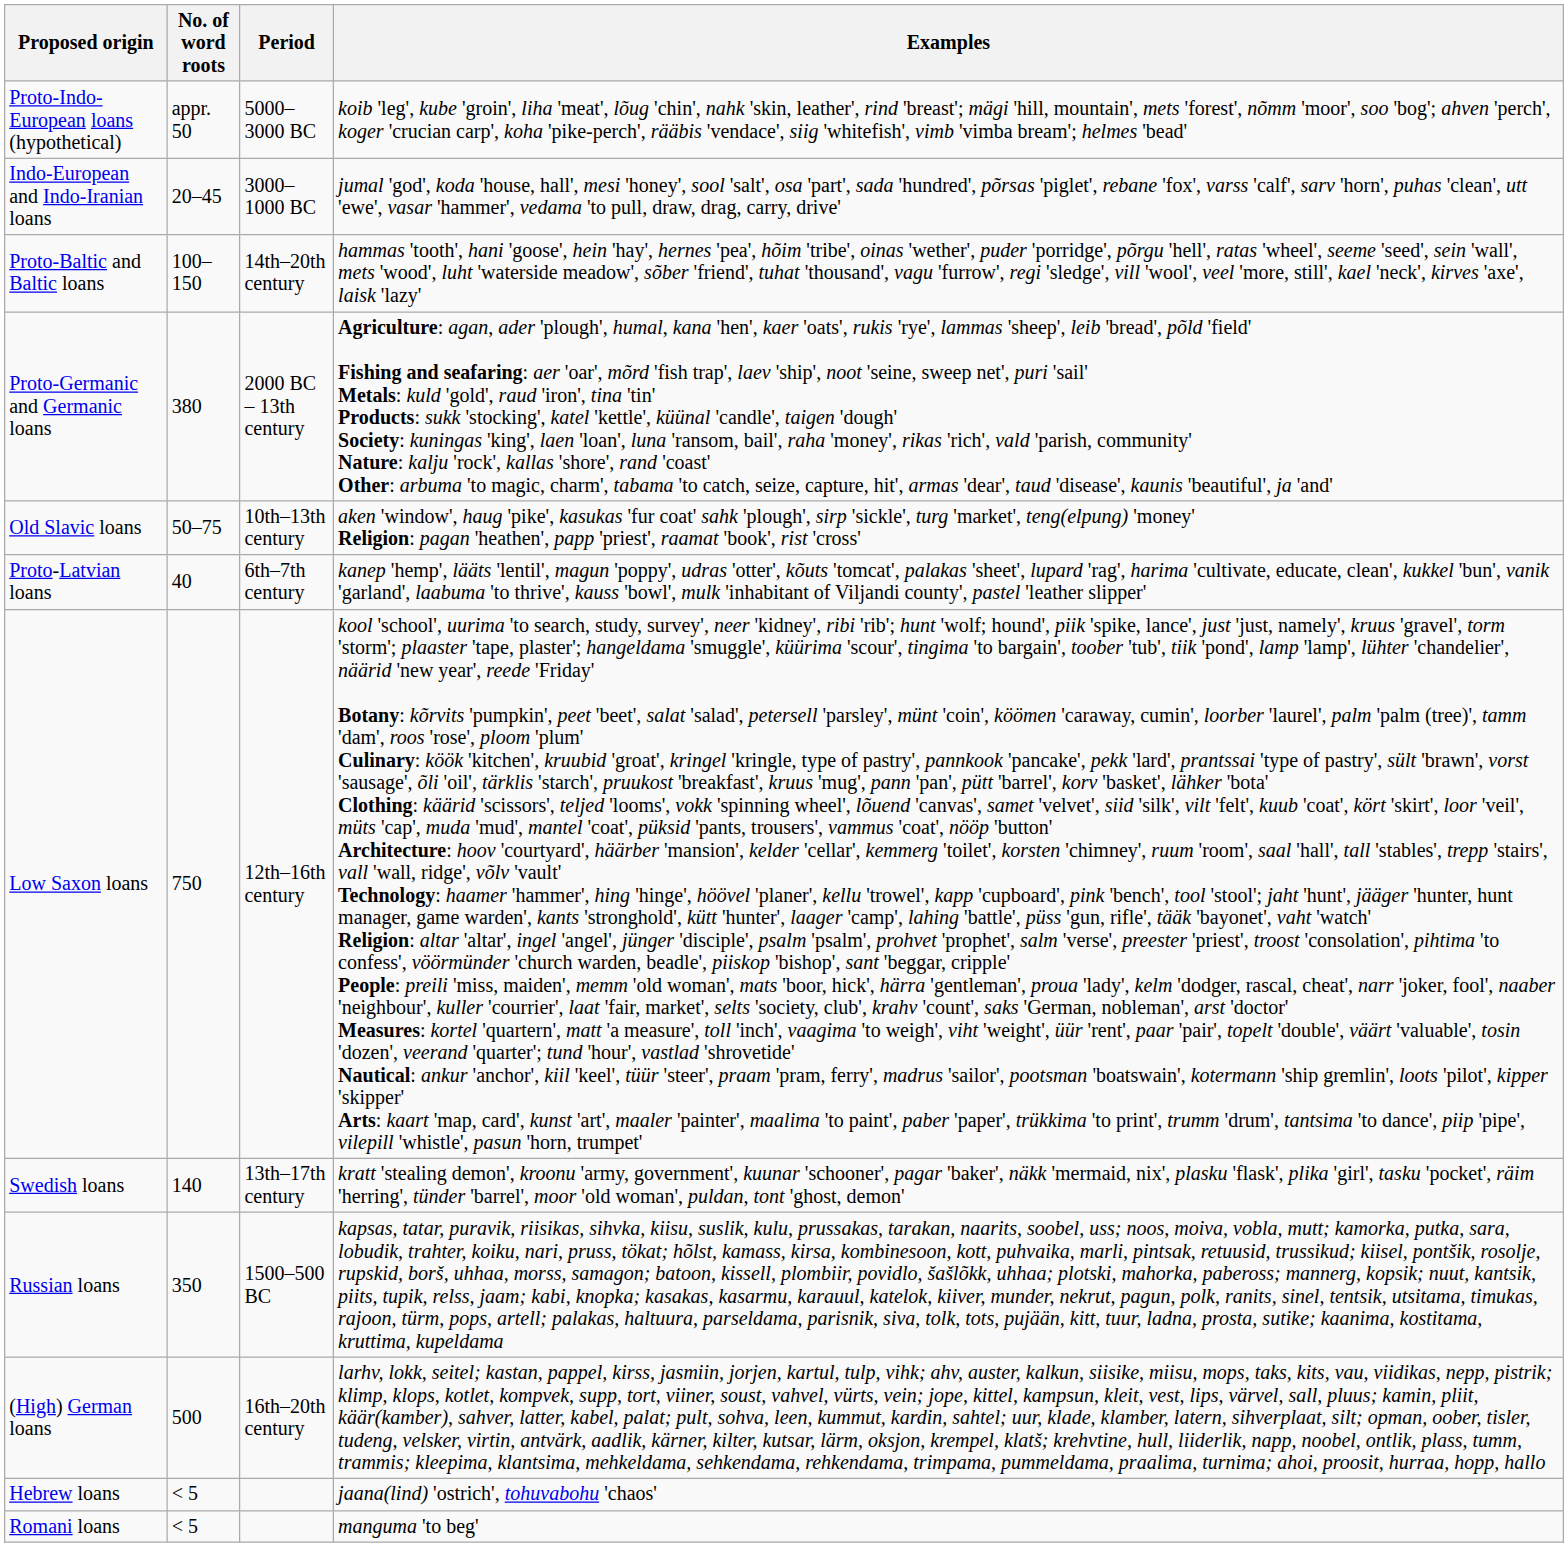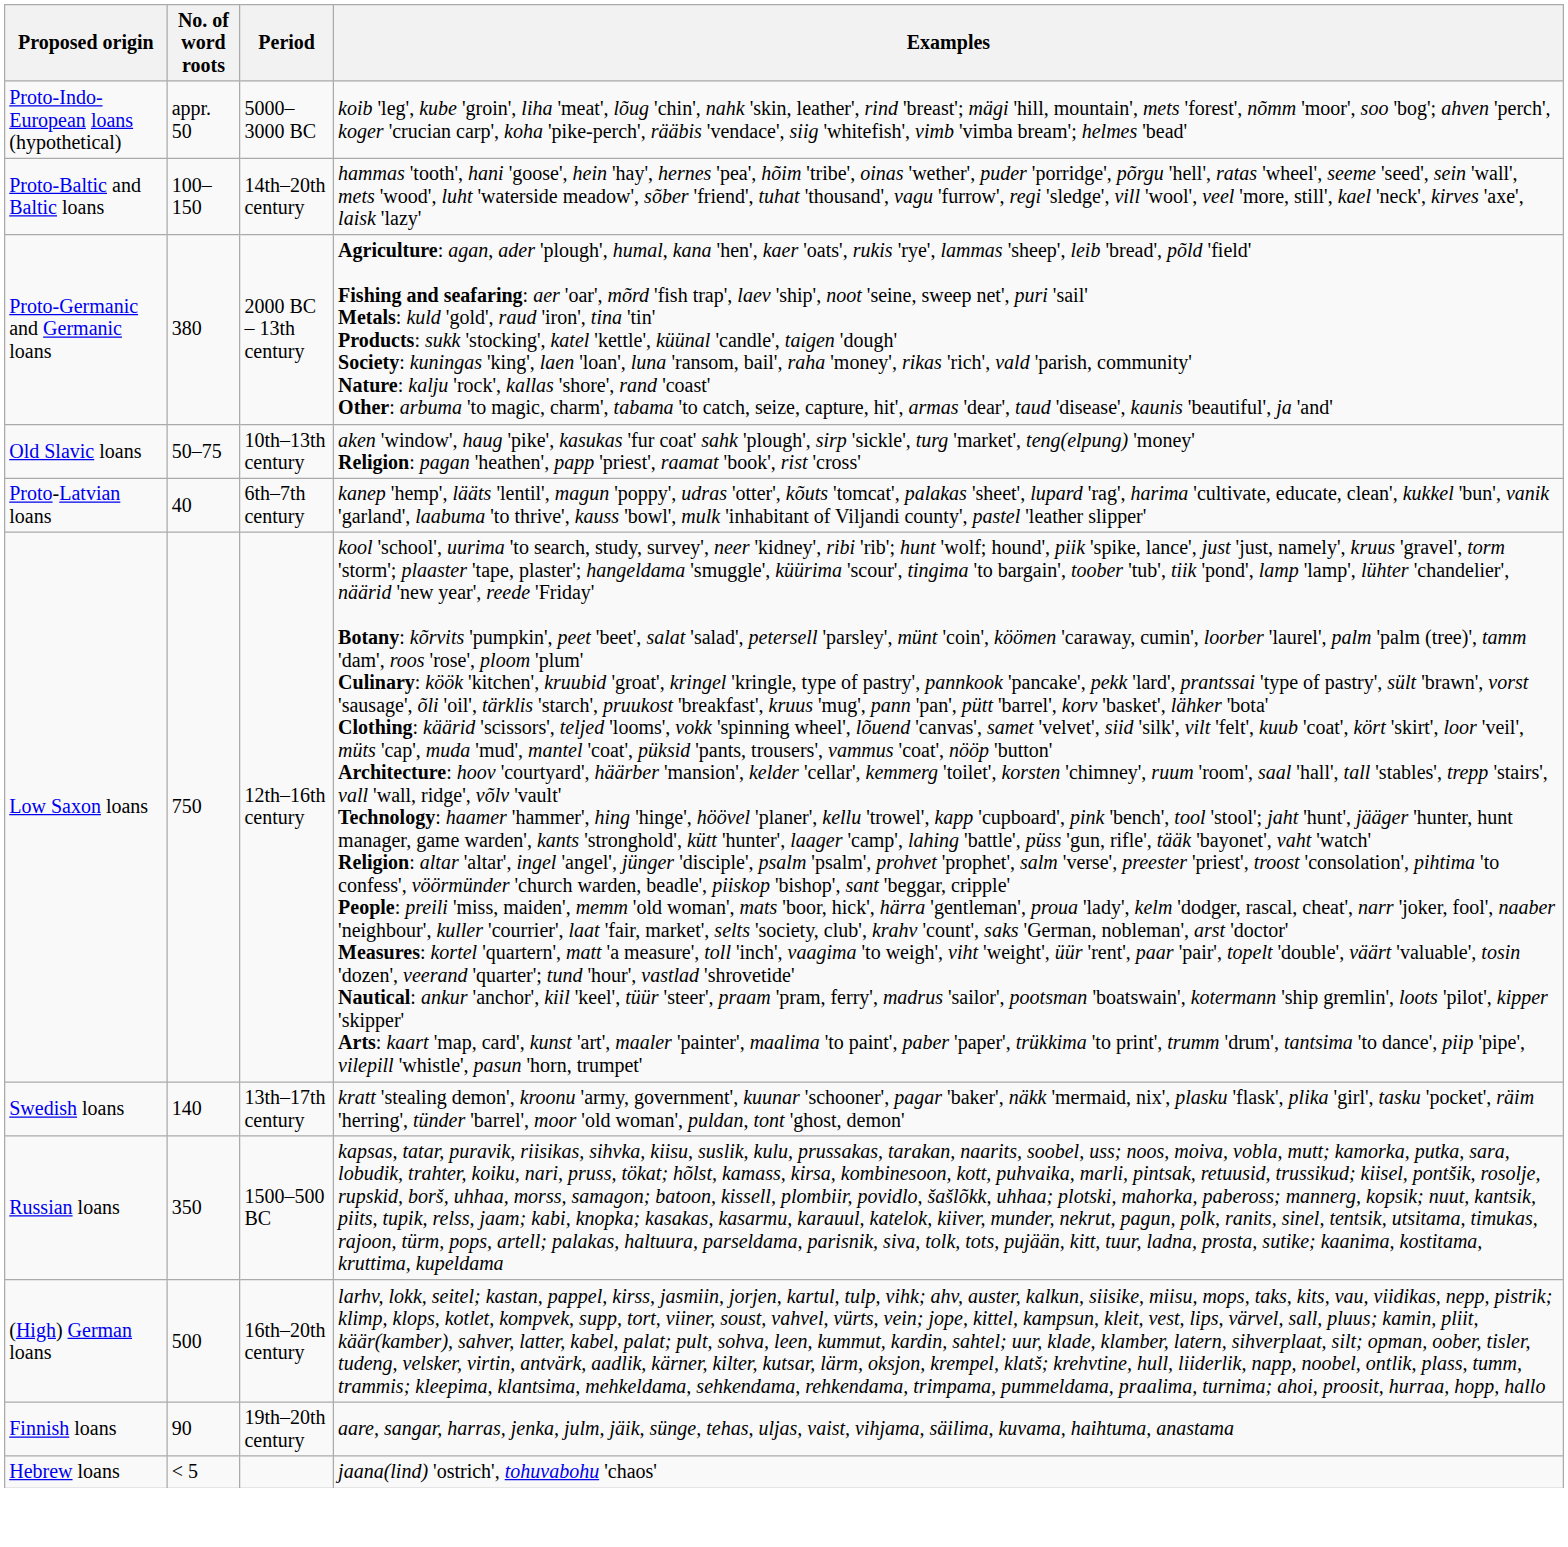 <table class="wikitable">
 <tr>
 <th>Proposed origin</th>
 <th>No. of word roots</th>
 <th>Period</th>
 <th>Examples</th>
 </tr>
 <tr>
 <td><a href='#'>Proto-Indo-European</a> <a href='#'>loans</a> (hypothetical)</td>
 <td>appr. 50</td>
 <td>5000–3000 BC</td>
 <td><em>koib</em> 'leg', <em>kube</em> 'groin', <em>liha</em> 'meat', <em>lõug</em> 'chin', <em>nahk</em> 'skin, leather', <em>rind</em> 'breast'; <em>mägi</em> 'hill, mountain', <em>mets</em> 'forest', <em>nõmm</em> 'moor', <em>soo</em> 'bog'; <em>ahven</em> 'perch', <em>koger</em> 'crucian carp', <em>koha</em> 'pike-perch', <em>rääbis</em> 'vendace', <em>siig</em> 'whitefish', <em>vimb</em> 'vimba bream'; <em>helmes</em> 'bead'</td>
-</tr>
-<tr>
-<td><a href='#'>Indo-European</a> and <a href='#'>Indo-Iranian</a> loans</td>
-<td>20–45</td>
-<td>3000–1000 BC</td>
-<td><em>jumal</em> 'god', <em>koda</em> 'house, hall', <em>mesi</em> 'honey', <em>sool</em> 'salt', <em>osa</em> 'part', <em>sada</em> 'hundred', <em>põrsas</em> 'piglet', <em>rebane</em> 'fox', <em>varss</em> 'calf', <em>sarv</em> 'horn', <em>puhas</em> 'clean', <em>utt</em> 'ewe', <em>vasar</em> 'hammer', <em>vedama</em> 'to pull, draw, drag, carry, drive'</td>
 </tr>
 <tr>
 <td><a href='#'>Proto-Baltic</a> and <a href='#'>Baltic</a> loans</td>
 <td>100–150</td>
 <td>14th–20th century</td>
 <td><em>hammas</em> 'tooth', <em>hani</em> 'goose', <em>hein</em> 'hay', <em>hernes</em> 'pea', <em>hõim</em> 'tribe', <em>oinas</em> 'wether', <em>puder</em> 'porridge', <em>põrgu</em> 'hell', <em>ratas</em> 'wheel', <em>seeme</em> 'seed', <em>sein</em> 'wall', <em>mets</em> 'wood', <em>luht</em> 'waterside meadow', <em>sõber</em> 'friend', <em>tuhat</em> 'thousand', <em>vagu</em> 'furrow', <em>regi</em> 'sledge', <em>vill</em> 'wool', <em>veel</em> 'more, still', <em>kael</em> 'neck', <em>kirves</em> 'axe', <em>laisk</em> 'lazy'</td>
 </tr>
 <tr>
 <td><a href='#'>Proto-Germanic</a> and <a href='#'>Germanic</a> loans</td>
 <td>380</td>
 <td>2000 BC – 13th century</td>
 <td><strong>Agriculture</strong>: <em>agan</em>, <em>ader</em> 'plough', <em>humal</em>, <em>kana</em> 'hen', <em>kaer</em> 'oats', <em>rukis</em> 'rye', <em>lammas</em> 'sheep', <em>leib</em> 'bread', <em>põld</em> 'field'<br><br><strong>Fishing and seafaring</strong>: <em>aer</em> 'oar', <em>mõrd</em> 'fish trap', <em>laev</em> 'ship', <em>noot</em> 'seine, sweep net', <em>puri</em> 'sail'<br> <strong>Metals</strong>: <em>kuld</em> 'gold', <em>raud</em> 'iron', <em>tina</em> 'tin'<br> <strong>Products</strong>: <em>sukk</em> 'stocking', <em>katel</em> 'kettle', <em>küünal</em> 'candle', <em>taigen</em> 'dough'<br> <strong>Society</strong>: <em>kuningas</em> 'king', <em>laen</em> 'loan', <em>luna</em> 'ransom, bail', <em>raha</em> 'money', <em>rikas</em> 'rich', <em>vald</em> 'parish, community'<br> <strong>Nature</strong>: <em>kalju</em> 'rock', <em>kallas</em> 'shore', <em>rand</em> 'coast'<br> <strong>Other</strong>: <em>arbuma</em> 'to magic, charm', <em>tabama</em> 'to catch, seize, capture, hit', <em>armas</em> 'dear', <em>taud</em> 'disease', <em>kaunis</em> 'beautiful', <em>ja</em> 'and'</td>
 </tr>
 <tr>
 <td><a href='#'>Old Slavic</a> loans</td>
 <td>50–75</td>
 <td>10th–13th century</td>
 <td><em>aken</em> 'window', <em>haug</em> 'pike', <em>kasukas</em> 'fur coat' <em>sahk</em> 'plough', <em>sirp</em> 'sickle', <em>turg</em> 'market', <em>teng(elpung)</em> 'money'<br><strong>Religion</strong>: <em>pagan</em> 'heathen', <em>papp</em> 'priest', <em>raamat</em> 'book', <em>rist</em> 'cross'</td>
 </tr>
 <tr>
 <td><a href='#'>Proto</a>-<a href='#'>Latvian</a> loans</td>
 <td>40</td>
 <td>6th–7th century</td>
 <td><em>kanep</em> 'hemp', <em>lääts</em> 'lentil', <em>magun</em> 'poppy', <em>udras</em> 'otter', <em>kõuts</em> 'tomcat', <em>palakas</em> 'sheet', <em>lupard</em> 'rag', <em>harima</em> 'cultivate, educate, clean', <em>kukkel</em> 'bun', <em>vanik</em> 'garland', <em>laabuma</em> 'to thrive', <em>kauss</em> 'bowl', <em>mulk</em> 'inhabitant of Viljandi county', <em>pastel</em> 'leather slipper'</td>
 </tr>
 <tr>
 <td><a href='#'>Low Saxon</a> loans</td>
 <td>750</td>
 <td>12th–16th century</td>
 <td><em>kool</em> 'school', <em>uurima</em> 'to search, study, survey', <em>neer</em> 'kidney', <em>ribi</em> 'rib'; <em>hunt</em> 'wolf; hound', <em>piik</em> 'spike, lance', <em>just</em> 'just, namely', <em>kruus</em> 'gravel', <em>torm</em> 'storm'; <em>plaaster</em> 'tape, plaster'; <em>hangeldama</em> 'smuggle', <em>küürima</em> 'scour', <em>tingima</em> 'to bargain', <em>toober</em> 'tub', <em>tiik</em> 'pond', <em>lamp</em> 'lamp', <em>lühter</em> 'chandelier', <em>näärid</em> 'new year', <em>reede</em> 'Friday'<br><br><strong>Botany</strong>: <em> kõrvits</em> 'pumpkin', <em>peet</em> 'beet', <em>salat</em> 'salad', <em>petersell</em> 'parsley', <em>münt</em> 'coin', <em>köömen</em> 'caraway, cumin', <em>loorber</em> 'laurel', <em>palm</em> 'palm (tree)', <em>tamm</em> 'dam', <em>roos</em> 'rose', <em>ploom</em> 'plum'<br> <strong>Culinary</strong>: <em>köök</em> 'kitchen', <em>kruubid</em> 'groat', <em>kringel</em> 'kringle, type of pastry', <em>pannkook</em> 'pancake', <em>pekk</em> 'lard', <em>prantssai</em> 'type of pastry', <em>sült</em> 'brawn', <em>vorst</em> 'sausage', <em>õli</em> 'oil', <em>tärklis</em> 'starch', <em>pruukost</em> 'breakfast', <em>kruus</em> 'mug', <em>pann</em> 'pan', <em>pütt</em> 'barrel', <em>korv</em> 'basket', <em>lähker</em> 'bota'<br> <strong>Clothing</strong>: <em>käärid</em> 'scissors', <em>teljed</em> 'looms', <em>vokk</em> 'spinning wheel', <em>lõuend</em> 'canvas', <em>samet</em> 'velvet', <em>siid</em> 'silk', <em>vilt</em> 'felt', <em>kuub</em> 'coat', <em>kört</em> 'skirt', <em>loor</em> 'veil', <em>müts</em> 'cap', <em>muda</em> 'mud', <em>mantel</em> 'coat', <em>püksid</em> 'pants, trousers', <em>vammus</em> 'coat', <em>nööp</em> 'button'<br> <strong>Architecture</strong>: <em>hoov</em> 'courtyard', <em>häärber</em> 'mansion', <em>kelder</em> 'cellar', <em>kemmerg</em> 'toilet', <em>korsten</em> 'chimney', <em>ruum</em> 'room', <em>saal</em> 'hall', <em>tall</em> 'stables', <em>trepp</em> 'stairs', <em>vall</em> 'wall, ridge', <em>võlv</em> 'vault'<br> <strong>Technology</strong>: <em>haamer</em> 'hammer', <em>hing</em> 'hinge', <em>höövel</em> 'planer', <em>kellu</em> 'trowel', <em>kapp</em> 'cupboard', <em>pink</em> 'bench', <em>tool</em> 'stool'; <em>jaht</em> 'hunt', <em>jääger</em> 'hunter, hunt manager, game warden', <em>kants</em> 'stronghold', <em>kütt</em> 'hunter', <em>laager</em> 'camp', <em>lahing</em> 'battle', <em>püss</em> 'gun, rifle', <em>tääk</em> 'bayonet', <em>vaht</em> 'watch'<br> <strong>Religion</strong>: <em>altar</em> 'altar', <em>ingel</em> 'angel', <em>jünger</em> 'disciple', <em>psalm</em> 'psalm', <em>prohvet</em> 'prophet', <em>salm</em> 'verse', <em>preester</em> 'priest', <em>troost</em> 'consolation', <em>pihtima</em> 'to confess', <em>vöörmünder</em> 'church warden, beadle', <em>piiskop</em> 'bishop', <em>sant</em> 'beggar, cripple'<br> <strong>People</strong>: <em>preili</em> 'miss, maiden', <em>memm</em> 'old woman', <em>mats</em> 'boor, hick', <em>härra</em> 'gentleman', <em>proua</em> 'lady', <em>kelm</em> 'dodger, rascal, cheat', <em>narr</em> 'joker, fool', <em>naaber</em> 'neighbour', <em>kuller</em> 'courrier', <em>laat</em> 'fair, market', <em>selts</em> 'society, club', <em>krahv</em> 'count', <em>saks</em> 'German, nobleman', <em>arst</em> 'doctor'<br> <strong>Measures</strong>: <em>kortel</em> 'quartern', <em>matt</em> 'a measure', <em>toll</em> 'inch', <em>vaagima</em> 'to weigh', <em>viht</em> 'weight', <em>üür</em> 'rent', <em>paar</em> 'pair', <em>topelt</em> 'double', <em>väärt</em> 'valuable', <em>tosin</em> 'dozen', <em>veerand</em> 'quarter'; <em>tund</em> 'hour', <em>vastlad</em> 'shrovetide'<br> <strong>Nautical</strong>: <em>ankur</em> 'anchor', <em>kiil</em> 'keel', <em>tüür</em> 'steer', <em>praam</em> 'pram, ferry', <em>madrus</em> 'sailor', <em>pootsman</em> 'boatswain', <em>kotermann</em> 'ship gremlin', <em>loots</em> 'pilot', <em>kipper</em> 'skipper'<br> <strong>Arts</strong>: <em>kaart</em> 'map, card', <em>kunst</em> 'art', <em>maaler</em> 'painter', <em>maalima</em> 'to paint', <em>paber</em> 'paper', <em>trükkima</em> 'to print', <em>trumm</em> 'drum', <em>tantsima</em> 'to dance', <em>piip</em> 'pipe', <em>vilepill</em> 'whistle', <em>pasun</em> 'horn, trumpet'</td>
 </tr>
 <tr>
 <td><a href='#'>Swedish</a> loans</td>
 <td>140</td>
 <td>13th–17th century</td>
 <td><em>kratt</em> 'stealing demon', <em>kroonu</em> 'army, government', <em>kuunar</em> 'schooner', <em>pagar</em> 'baker', <em>näkk</em> 'mermaid, nix', <em>plasku</em> 'flask', <em>plika</em> 'girl', <em>tasku</em> 'pocket', <em>räim</em> 'herring', <em>tünder</em> 'barrel', <em>moor</em> 'old woman', <em>puldan</em>, <em>tont</em> 'ghost, demon'</td>
 </tr>
 <tr>
 <td><a href='#'>Russian</a> loans</td>
 <td>350</td>
 <td>1500–500 BC</td>
 <td><em>kapsas, tatar, puravik, riisikas, sihvka, kiisu, suslik, kulu, prussakas, tarakan, naarits, soobel, uss; noos, moiva, vobla, mutt; kamorka, putka, sara, lobudik, trahter, koiku, nari, pruss, tökat; hõlst, kamass, kirsa, kombinesoon, kott, puhvaika, marli, pintsak, retuusid, trussikud; kiisel, pontšik, rosolje, rupskid, borš, uhhaa, morss, samagon; batoon, kissell, plombiir, povidlo, šašlõkk, uhhaa; plotski, mahorka, pabeross; mannerg, kopsik; nuut, kantsik, piits, tupik, relss, jaam; kabi, knopka; kasakas, kasarmu, karauul, katelok, kiiver, munder, nekrut, pagun, polk, ranits, sinel, tentsik, utsitama, timukas, rajoon, türm, pops, artell; palakas, haltuura, parseldama, parisnik, siva, tolk, tots, pujään, kitt, tuur, ladna, prosta, sutike; kaanima, kostitama, kruttima, kupeldama</em></td>
 </tr>
 <tr>
 <td>(<a href='#'>High</a>) <a href='#'>German</a> loans</td>
 <td>500</td>
 <td>16th–20th century</td>
 <td><em>larhv, lokk, seitel; kastan, pappel, kirss, jasmiin, jorjen, kartul, tulp, vihk; ahv, auster, kalkun, siisike, miisu, mops, taks, kits, vau, viidikas, nepp, pistrik; klimp, klops, kotlet, kompvek, supp, tort, viiner, soust, vahvel, vürts, vein; jope, kittel, kampsun, kleit, vest, lips, värvel, sall, pluus; kamin, pliit, käär(kamber), sahver, latter, kabel, palat; pult, sohva, leen, kummut, kardin, sahtel; uur, klade, klamber, latern, sihverplaat, silt; opman, oober, tisler, tudeng, velsker, virtin, antvärk, aadlik, kärner, kilter, kutsar, lärm, oksjon, krempel, klatš; krehvtine, hull, liiderlik, napp, noobel, ontlik, plass, tumm, trammis; kleepima, klantsima, mehkeldama, sehkendama, rehkendama, trimpama, pummeldama, praalima, turnima; ahoi, proosit, hurraa, hopp, hallo</em></td>
 </tr>
 <tr>
+<td><a href='#'>Finnish</a> loans</td>
+<td>90</td>
+<td>19th–20th century</td>
+<td><em>aare, sangar, harras, jenka, julm, jäik, sünge, tehas, uljas, vaist, vihjama, säilima, kuvama, haihtuma, anastama</em></td>
+</tr>
+<tr>
 <td><a href='#'>Hebrew</a> loans</td>
 <td>< 5</td>
 <td> </td>
 <td><em>jaana(lind)</em> 'ostrich', <em><a href='#'>tohuvabohu</a></em> 'chaos'</td>
 </tr>
-<tr>
-<td><a href='#'>Romani</a> loans</td>
-<td>< 5</td>
-<td> </td>
-<td><em>manguma</em> 'to beg'</td>
-</tr>
 </table>
